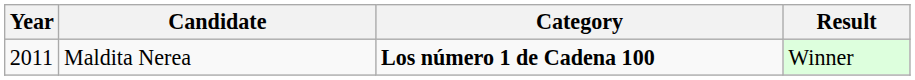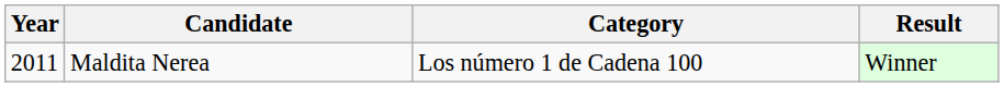 <table class="wikitable" style="table-layout: fixed;">
 <tr>
 <th width="6%">Year</th>
 <th width="35%">Candidate</th>
 <th width="45%">Category</th>
 <th width="14%">Result</th>
 </tr>
 <tr>
 <td rowspan="5">2011</td>
 <td>Maldita Nerea</td>
-<td><strong>Los número 1 de Cadena 100</strong></td>
+<td>Los número 1 de Cadena 100</td>
 <td style="background: #ddffdd">Winner</td>
 </tr>
 </table>
